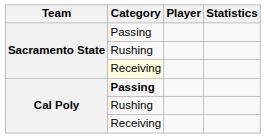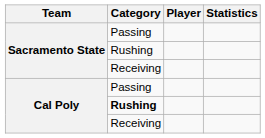 <table class="wikitable" style="float:right">
 <tr>
 <th>Team</th>
 <th>Category</th>
 <th>Player</th>
 <th>Statistics</th>
 </tr>
 <tr>
 <th rowspan=3>Sacramento State</th>
 <td>Passing</td>
 <td></td>
 <td></td>
 </tr>
 <tr>
 <td>Rushing</td>
 <td></td>
 <td></td>
 </tr>
 <tr>
-<td style="background: lightyellow;">Receiving</td>
+<td>Receiving</td>
 <td></td>
 <td></td>
 </tr>
 <tr>
 <th rowspan=3>Cal Poly</th>
-<td><strong>Passing</strong></td>
+<td>Passing</td>
 <td></td>
 <td></td>
 </tr>
 <tr>
-<td>Rushing</td>
+<td><strong>Rushing</strong></td>
 <td></td>
 <td></td>
 </tr>
 <tr>
 <td>Receiving</td>
 <td></td>
 <td></td>
 </tr>
 </table>
